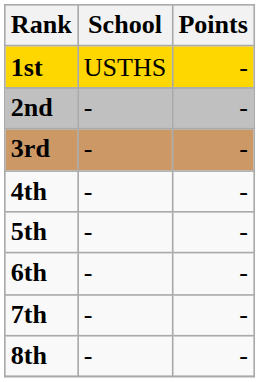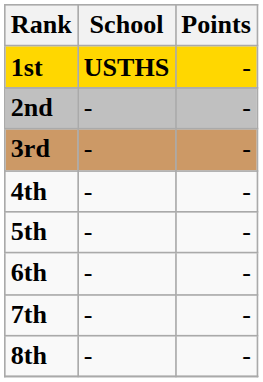 <table class="wikitable">
 <tr>
 <th>Rank</th>
 <th>School</th>
 <th>Points</th>
 </tr>
 <tr bgcolor="gold">
 <td><strong>1st</strong></td>
-<td> USTHS</td>
+<td><strong> USTHS</strong></td>
 <td align=right>-</td>
 </tr>
 <tr bgcolor=#C0C0C0>
 <td><strong>2nd</strong></td>
 <td>-</td>
 <td align=right>-</td>
 </tr>
 <tr bgcolor=#CC9966>
 <td><strong>3rd</strong></td>
 <td>-</td>
 <td align=right>-</td>
 </tr>
 <tr>
 <td><strong>4th</strong></td>
 <td>-</td>
 <td align=right>-</td>
 </tr>
 <tr>
 <td><strong>5th</strong></td>
 <td>-</td>
 <td align=right>-</td>
 </tr>
 <tr>
 <td><strong>6th</strong></td>
 <td>-</td>
 <td align=right>-</td>
 </tr>
 <tr>
 <td><strong>7th</strong></td>
 <td>-</td>
 <td align=right>-</td>
 </tr>
 <tr>
 <td><strong>8th</strong></td>
 <td>-</td>
 <td align=right>-</td>
 </tr>
 <tr>
 </tr>
 </table>
